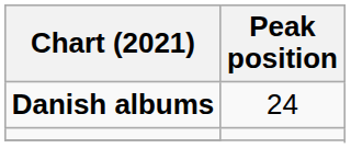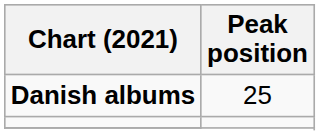 <table class="wikitable plainrowheaders">
 <tr>
 <th scope="col">Chart (2021)</th>
 <th scope="col">Peak<br>position</th>
 </tr>
 <tr>
 <td><strong>Danish albums</strong></td>
-<td align="center">24</td>
+<td align="center">25</td>
 </tr>
 <tr>
 <td></td>
 </tr>
 <tr>
 </tr>
 </table>
